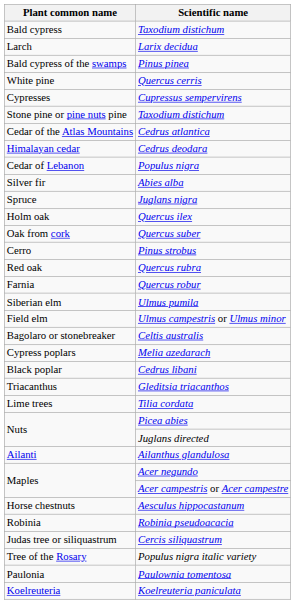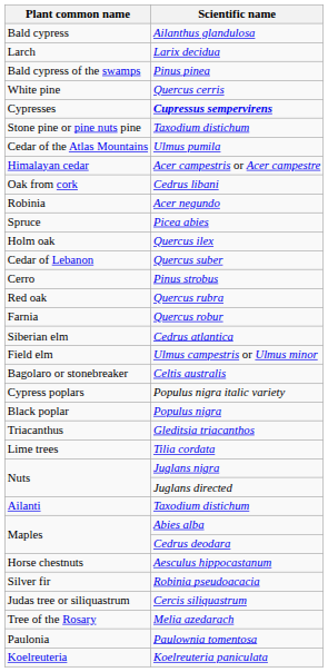 <table class="wikitable">
 <tr>
 <th>Plant common name</th>
 <th>Scientific name</th>
 </tr>
 <tr>
 <td>Bald cypress</td>
-<td><em><a href='#'>Taxodium distichum</a></em></td>
+<td><em><a href='#'>Ailanthus glandulosa</a></em></td>
 </tr>
 <tr>
 <td>Larch</td>
 <td><em><a href='#'>Larix decidua</a></em></td>
 </tr>
 <tr>
 <td>Bald cypress of the <a href='#'>swamps</a></td>
 <td><em><a href='#'>Pinus pinea</a></em></td>
 </tr>
 <tr>
 <td>White pine</td>
 <td><em><a href='#'>Quercus cerris</a></em></td>
 </tr>
 <tr>
 <td>Cypresses</td>
-<td><em><a href='#'>Cupressus sempervirens</a></em></td>
+<td><strong><em><a href='#'>Cupressus sempervirens</a></em></strong></td>
 </tr>
 <tr>
 <td>Stone pine or <a href='#'>pine nuts</a> pine</td>
 <td><em><a href='#'>Taxodium distichum</a></em></td>
 </tr>
 <tr>
 <td>Cedar of the <a href='#'>Atlas Mountains</a></td>
-<td><em><a href='#'>Cedrus atlantica</a></em></td>
+<td><em><a href='#'>Ulmus pumila</a></em></td>
 </tr>
 <tr>
 <td><a href='#'>Himalayan cedar</a></td>
-<td><em><a href='#'>Cedrus deodara</a></em></td>
+<td><em><a href='#'>Acer campestris</a></em> or <em><a href='#'>Acer campestre</a></em></td>
 </tr>
 <tr>
-<td>Cedar of <a href='#'>Lebanon</a></td>
-<td><em><a href='#'>Populus nigra</a></em></td>
+<td>Oak from <a href='#'>cork</a></td>
+<td><em><a href='#'>Cedrus libani</a></em></td>
 </tr>
 <tr>
-<td>Silver fir</td>
-<td><em><a href='#'>Abies alba</a></em></td>
+<td>Robinia</td>
+<td><em><a href='#'>Acer negundo</a></em></td>
 </tr>
 <tr>
 <td>Spruce</td>
-<td><em><a href='#'>Juglans nigra</a></em></td>
+<td><em><a href='#'>Picea abies</a></em></td>
 </tr>
 <tr>
 <td>Holm oak</td>
 <td><em><a href='#'>Quercus ilex</a></em></td>
 </tr>
 <tr>
-<td>Oak from <a href='#'>cork</a></td>
+<td>Cedar of <a href='#'>Lebanon</a></td>
 <td><em><a href='#'>Quercus suber</a></em></td>
 </tr>
 <tr>
 <td>Cerro</td>
 <td><em><a href='#'>Pinus strobus</a></em></td>
 </tr>
 <tr>
 <td>Red oak</td>
 <td><em><a href='#'>Quercus rubra</a></em></td>
 </tr>
 <tr>
 <td>Farnia</td>
 <td><em><a href='#'>Quercus robur</a></em></td>
 </tr>
 <tr>
 <td>Siberian elm</td>
-<td><em><a href='#'>Ulmus pumila</a></em></td>
+<td><em><a href='#'>Cedrus atlantica</a></em></td>
 </tr>
 <tr>
 <td>Field elm</td>
 <td><em><a href='#'>Ulmus campestris</a></em> or <em><a href='#'>Ulmus minor</a></em></td>
 </tr>
 <tr>
 <td>Bagolaro or stonebreaker</td>
 <td><em><a href='#'>Celtis australis</a></em></td>
 </tr>
 <tr>
 <td>Cypress poplars</td>
-<td><em><a href='#'>Melia azedarach</a></em></td>
+<td><em>Populus nigra italic variety</em></td>
 </tr>
 <tr>
 <td>Black poplar</td>
-<td><em><a href='#'>Cedrus libani</a></em></td>
+<td><em><a href='#'>Populus nigra</a></em></td>
 </tr>
 <tr>
 <td>Triacanthus</td>
 <td><em><a href='#'>Gleditsia triacanthos</a></em></td>
 </tr>
 <tr>
 <td>Lime trees</td>
 <td><em><a href='#'>Tilia cordata</a></em></td>
 </tr>
 <tr>
 <td rowspan="2">Nuts</td>
-<td><em><a href='#'>Picea abies</a></em></td>
+<td><em><a href='#'>Juglans nigra</a></em></td>
 </tr>
 <tr>
 <td><em>Juglans directed</em></td>
 </tr>
 <tr>
 <td><a href='#'>Ailanti</a></td>
-<td><em><a href='#'>Ailanthus glandulosa</a></em></td>
+<td><em><a href='#'>Taxodium distichum</a></em></td>
 </tr>
 <tr>
 <td rowspan="2">Maples</td>
-<td><em><a href='#'>Acer negundo</a></em></td>
+<td><em><a href='#'>Abies alba</a></em></td>
 </tr>
 <tr>
-<td><em><a href='#'>Acer campestris</a></em> or <em><a href='#'>Acer campestre</a></em></td>
+<td><em><a href='#'>Cedrus deodara</a></em></td>
 </tr>
 <tr>
 <td>Horse chestnuts</td>
 <td><em><a href='#'>Aesculus hippocastanum</a></em></td>
 </tr>
 <tr>
-<td>Robinia</td>
+<td>Silver fir</td>
 <td><em><a href='#'>Robinia pseudoacacia</a></em></td>
 </tr>
 <tr>
 <td>Judas tree or siliquastrum</td>
 <td><em><a href='#'>Cercis siliquastrum</a></em></td>
 </tr>
 <tr>
 <td>Tree of the <a href='#'>Rosary</a></td>
-<td><em>Populus nigra italic variety</em></td>
+<td><em><a href='#'>Melia azedarach</a></em></td>
 </tr>
 <tr>
 <td>Paulonia</td>
 <td><em><a href='#'>Paulownia tomentosa</a></em></td>
 </tr>
 <tr>
 <td><a href='#'>Koelreuteria</a></td>
 <td><em><a href='#'>Koelreuteria paniculata</a></em></td>
 </tr>
 </table>
